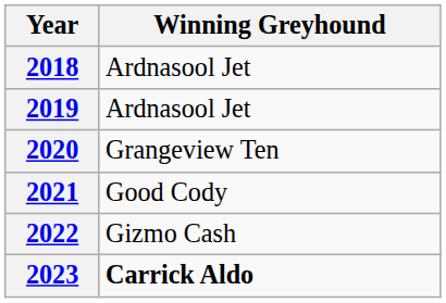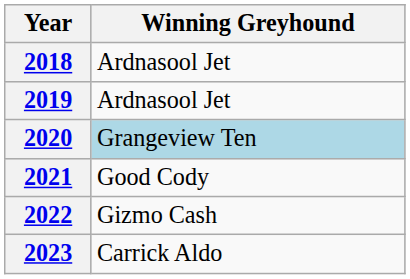 <table class="wikitable">
 <tr>
 <th width=50>Year</th>
 <th width=200>Winning Greyhound</th>
 </tr>
 <tr>
 <th><a href='#'>2018</a></th>
 <td>Ardnasool Jet </td>
 </tr>
 <tr>
 <th><a href='#'>2019</a></th>
 <td>Ardnasool Jet </td>
 </tr>
 <tr>
 <th><a href='#'>2020</a></th>
-<td>Grangeview Ten</td>
+<td style="background: lightblue;">Grangeview Ten</td>
 </tr>
 <tr>
 <th><a href='#'>2021</a></th>
 <td>Good Cody</td>
 </tr>
 <tr>
 <th><a href='#'>2022</a></th>
 <td>Gizmo Cash</td>
 </tr>
 <tr>
 <th><a href='#'>2023</a></th>
-<td><strong>Carrick Aldo</strong></td>
+<td>Carrick Aldo</td>
 </tr>
 </table>
